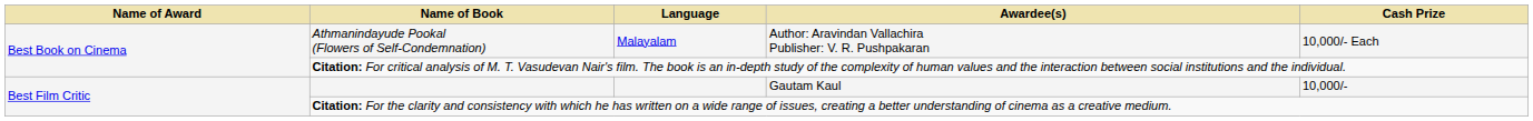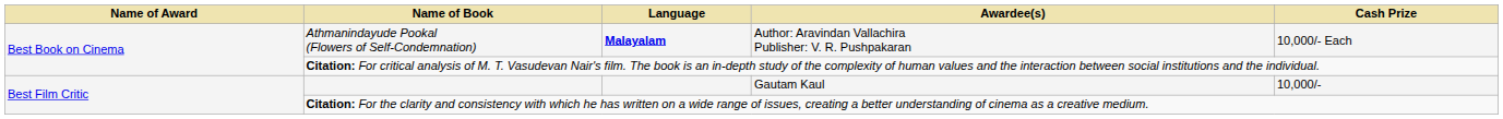 <table class="wikitable" style="width:100%;">
 <tr style="background-color:#F4F4F4">
 <th style="background-color:#EFE4B0;width:20%;">Name of Award</th>
 <th style="background-color:#EFE4B0;width:20%;">Name of Book</th>
 <th style="background-color:#EFE4B0;width:10%;">Language</th>
 <th style="background-color:#EFE4B0;width:35%;">Awardee(s)</th>
 <th style="background-color:#EFE4B0;width:15%;">Cash Prize</th>
 </tr>
 <tr style="background-color:#F4F4F4">
 <td rowspan="2"><a href='#'>Best Book on Cinema</a></td>
 <td><em>Athmanindayude Pookal<br>(Flowers of Self-Condemnation)</em></td>
-<td><a href='#'>Malayalam</a></td>
+<td><strong><a href='#'>Malayalam</a></strong></td>
 <td>Author: Aravindan Vallachira<br>Publisher: V. R. Pushpakaran</td>
 <td> 10,000/- Each</td>
 </tr>
 <tr style="background-color:#F9F9F9">
 <td colspan="4"><strong>Citation:</strong> <em>For critical analysis of M. T. Vasudevan Nair's film. The book is an in-depth study of the complexity of human values and the interaction between social institutions and the individual.</em></td>
 </tr>
 <tr style="background-color:#F4F4F4">
 <td rowspan="2"><a href='#'>Best Film Critic</a></td>
 <td></td>
 <td></td>
 <td>Gautam Kaul</td>
 <td> 10,000/-</td>
 </tr>
 <tr style="background-color:#F9F9F9">
 <td colspan="4"><strong>Citation:</strong> <em>For the clarity and consistency with which he has written on a wide range of issues, creating a better understanding of cinema as a creative medium.</em></td>
 </tr>
 </table>
